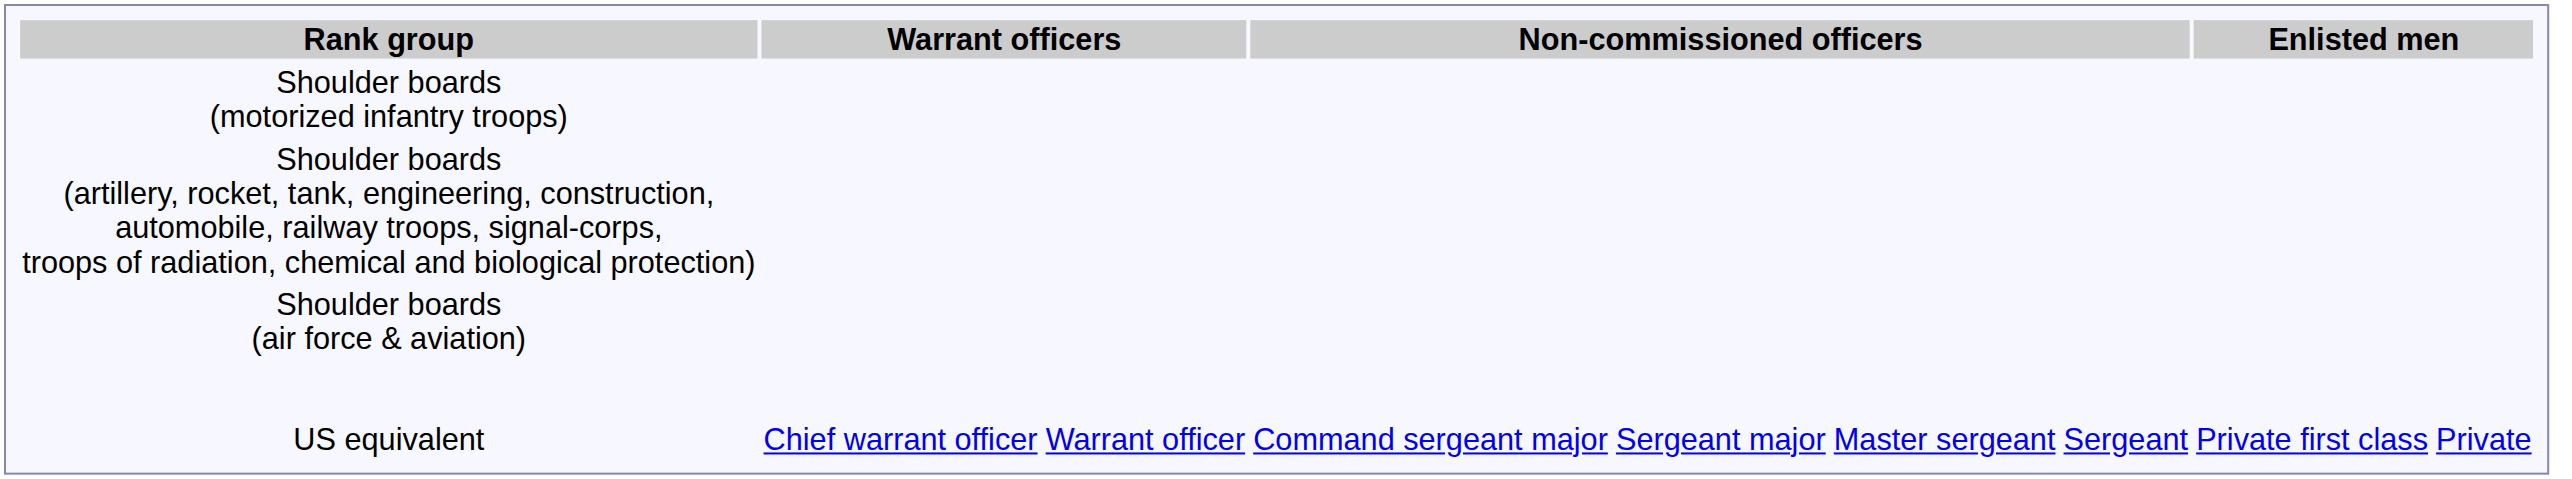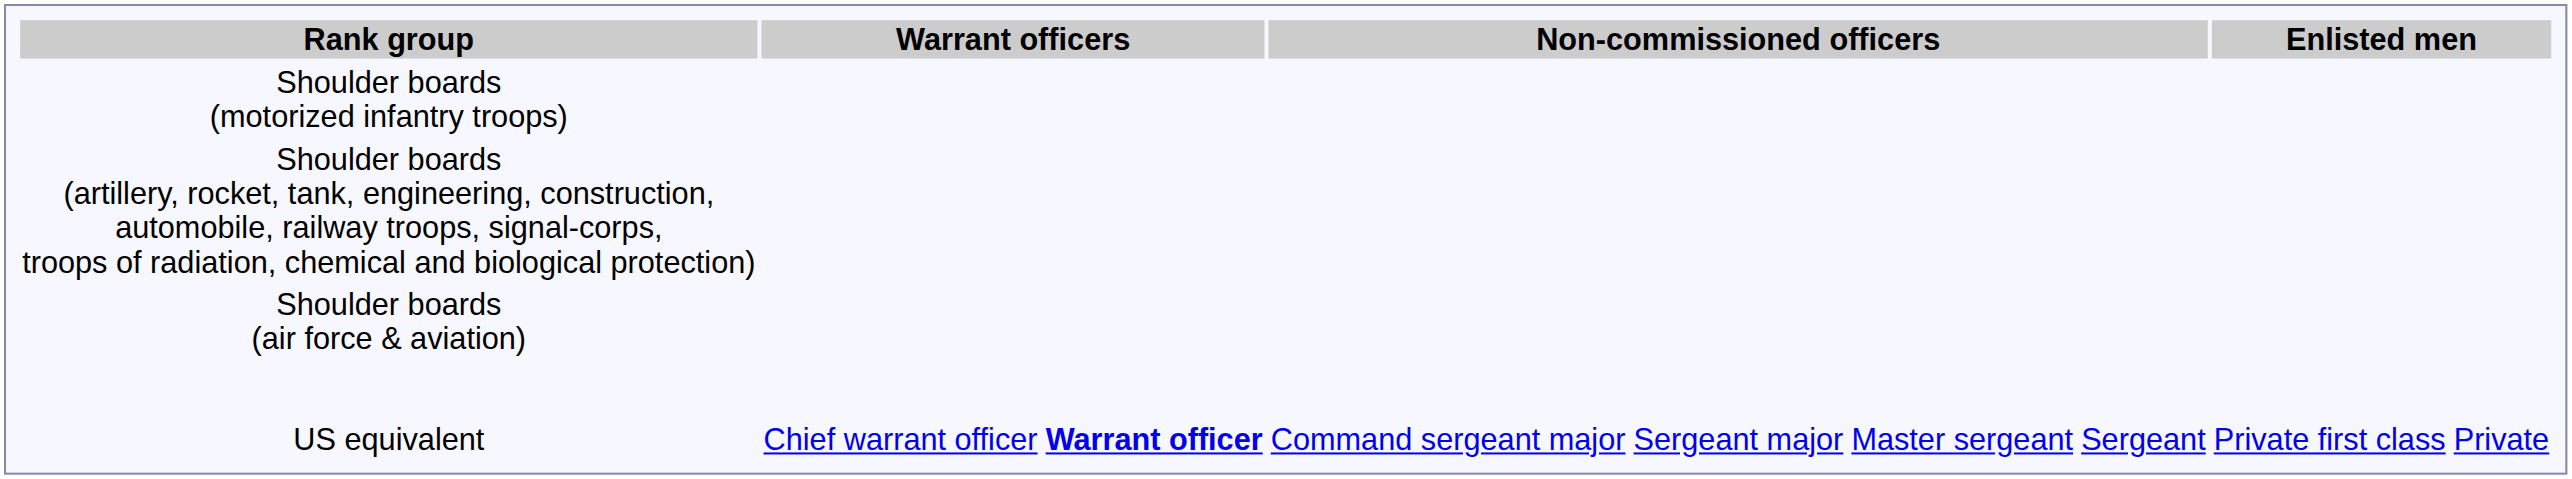 <table style="border:1px solid #8888aa; background-color:#f7f8ff; padding:5px; font-size:95%; margin: 0px 12px 12px 0px;">
 <tr style="background-color:#CCCCCC; text-align:center;">
 <th>Rank group</th>
 <th colspan="2">Warrant officers</th>
 <th colspan="5">Non-commissioned officers</th>
 <th colspan="3">Enlisted men</th>
 </tr>
 <tr style="text-align:center;">
 <td>Shoulder boards<br>(motorized infantry troops)</td>
 <td></td>
 <td></td>
 <td></td>
 <td></td>
 <td></td>
 <td></td>
 <td></td>
 <td></td>
 <td></td>
 </tr>
 <tr style="text-align:center;">
 <td>Shoulder boards<br>(artillery, rocket, tank, engineering, construction,<br>automobile, railway troops, signal-corps,<br>troops of radiation, chemical and biological protection)</td>
 <td></td>
 <td></td>
 <td></td>
 <td></td>
 <td></td>
 <td></td>
 <td></td>
 <td></td>
 <td></td>
 </tr>
 <tr style="text-align:center;">
 <td>Shoulder boards<br>(air force & aviation)</td>
 <td></td>
 <td></td>
 <td></td>
 <td></td>
 <td></td>
 <td></td>
 <td></td>
 <td></td>
 <td></td>
 </tr>
 <tr style="text-align:center;">
 <td></td>
 <td></td>
 <td></td>
 <td></td>
 <td></td>
 </tr>
 <tr style="text-align:center;">
 <td></td>
 <td><br></td>
 <td><br></td>
 <td colspan=2><br></td>
 <td><br></td>
 <td><br></td>
 <td><br></td>
 <td><br></td>
 <td><br></td>
 </tr>
 <tr style="text-align:center;">
 <td colspan=10></td>
 </tr>
 <tr style="text-align:center;">
 <td>US equivalent</td>
 <td><a href='#'>Chief warrant officer</a></td>
-<td><a href='#'>Warrant officer</a></td>
+<td><strong><a href='#'>Warrant officer</a></strong></td>
 <td colspan=2><a href='#'>Command sergeant major</a></td>
 <td><a href='#'>Sergeant major</a></td>
 <td><a href='#'>Master sergeant</a></td>
 <td><a href='#'>Sergeant</a></td>
 <td><a href='#'>Private first class</a></td>
 <td><a href='#'>Private</a></td>
 </tr>
 </table>
